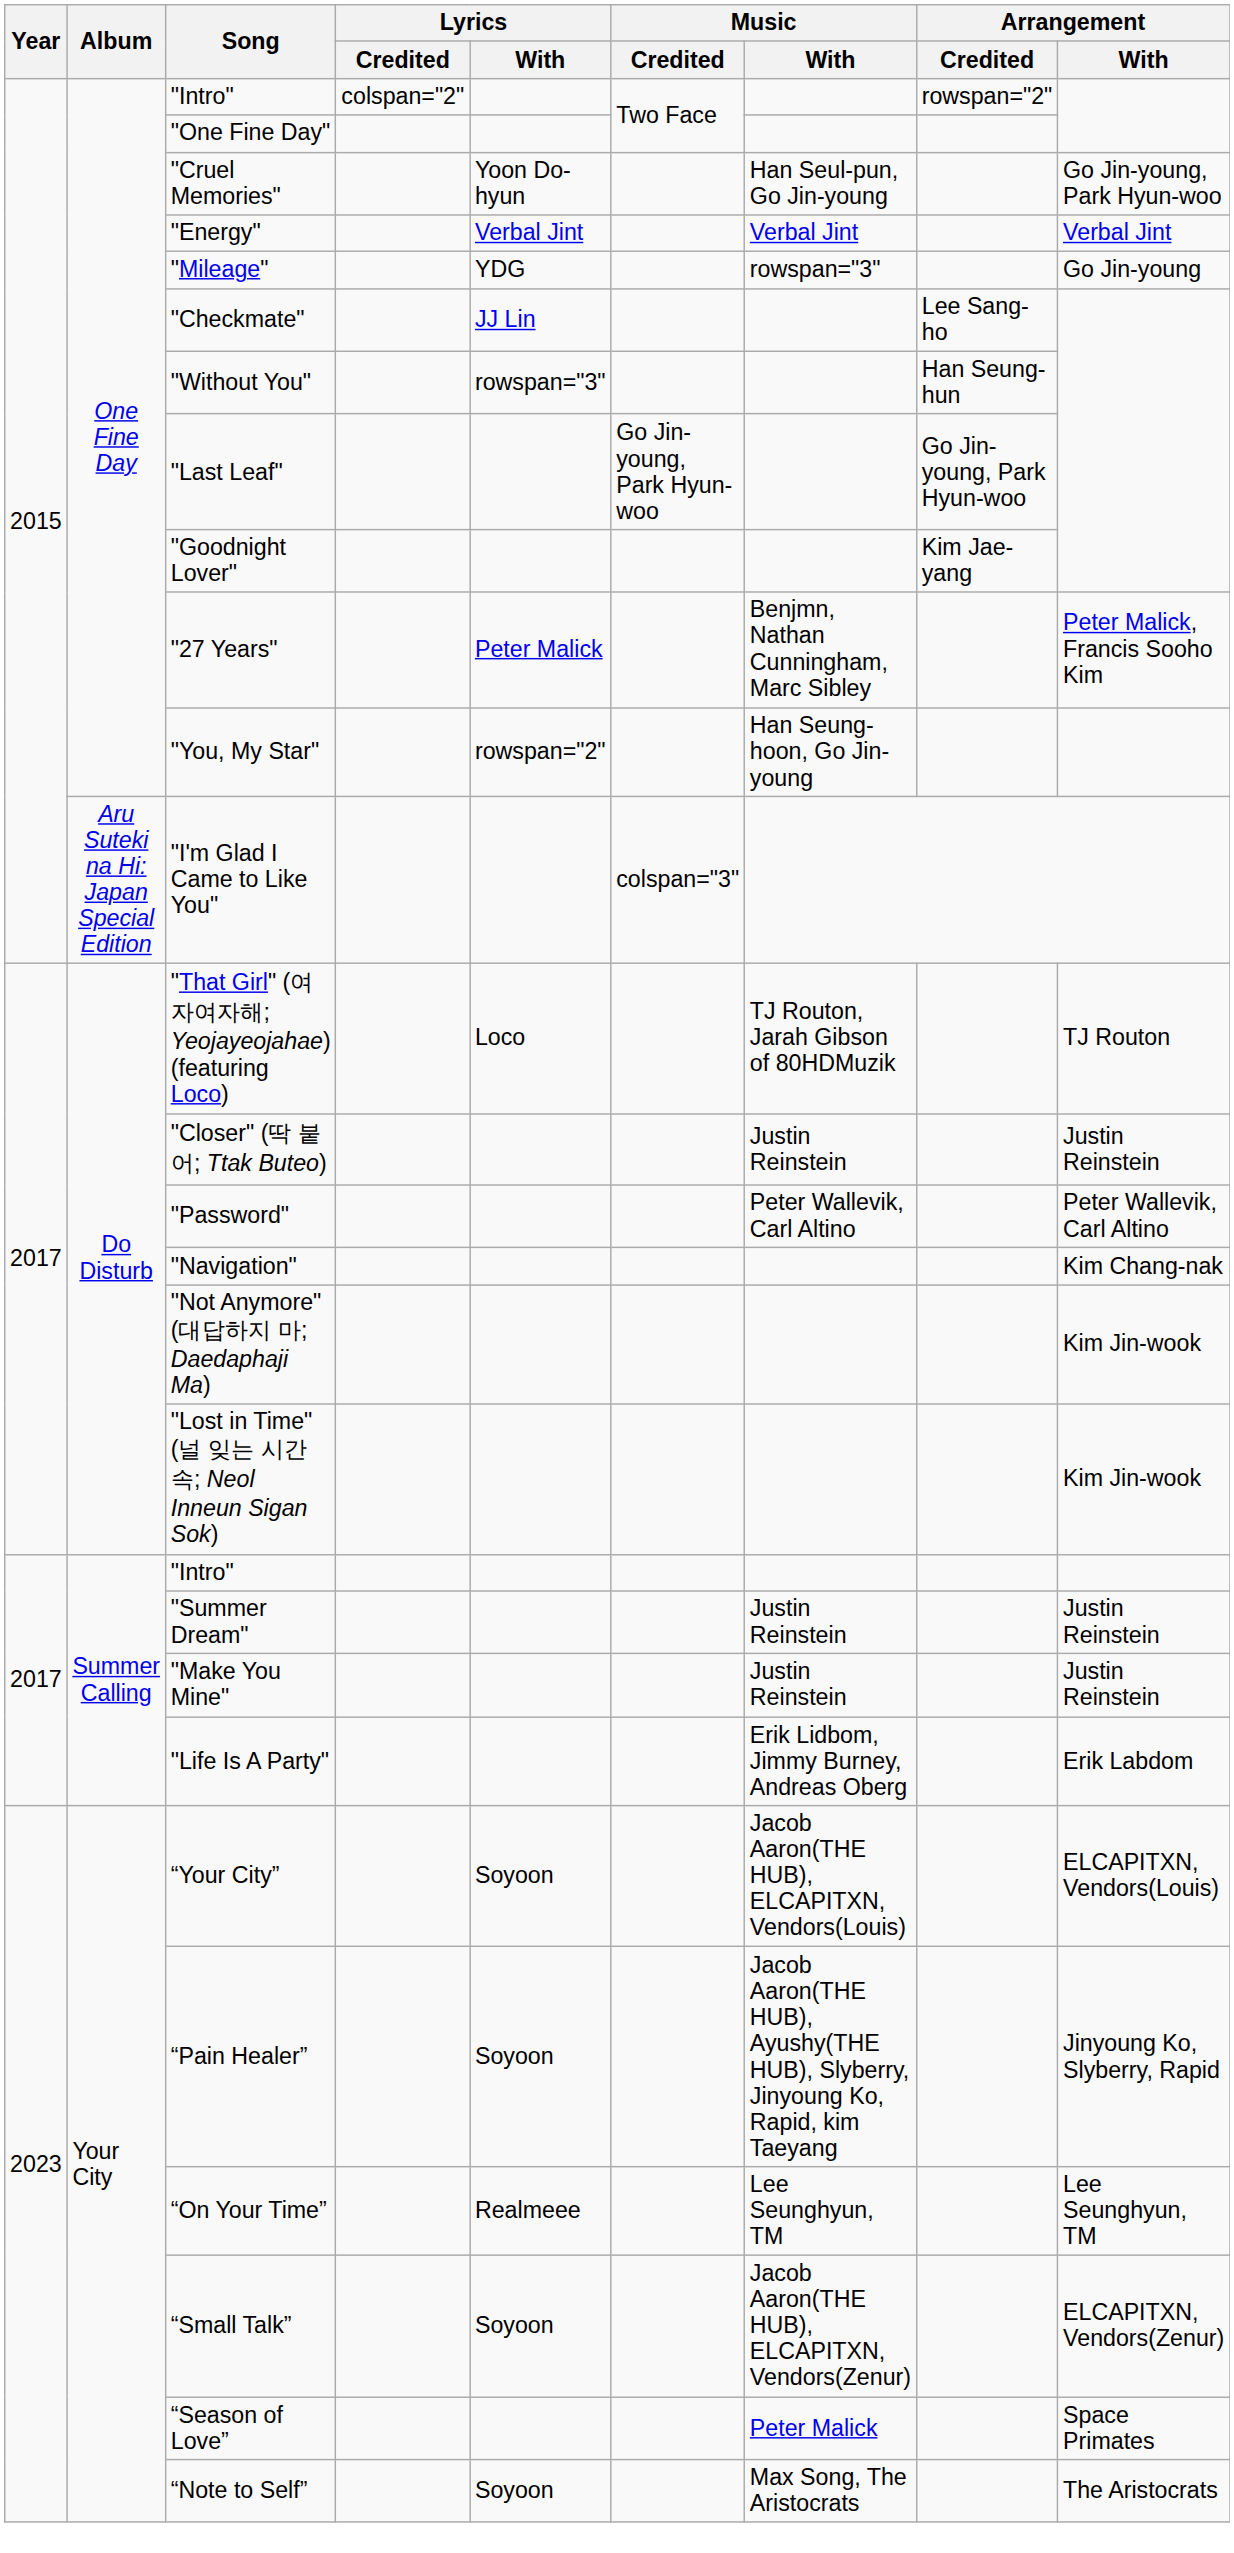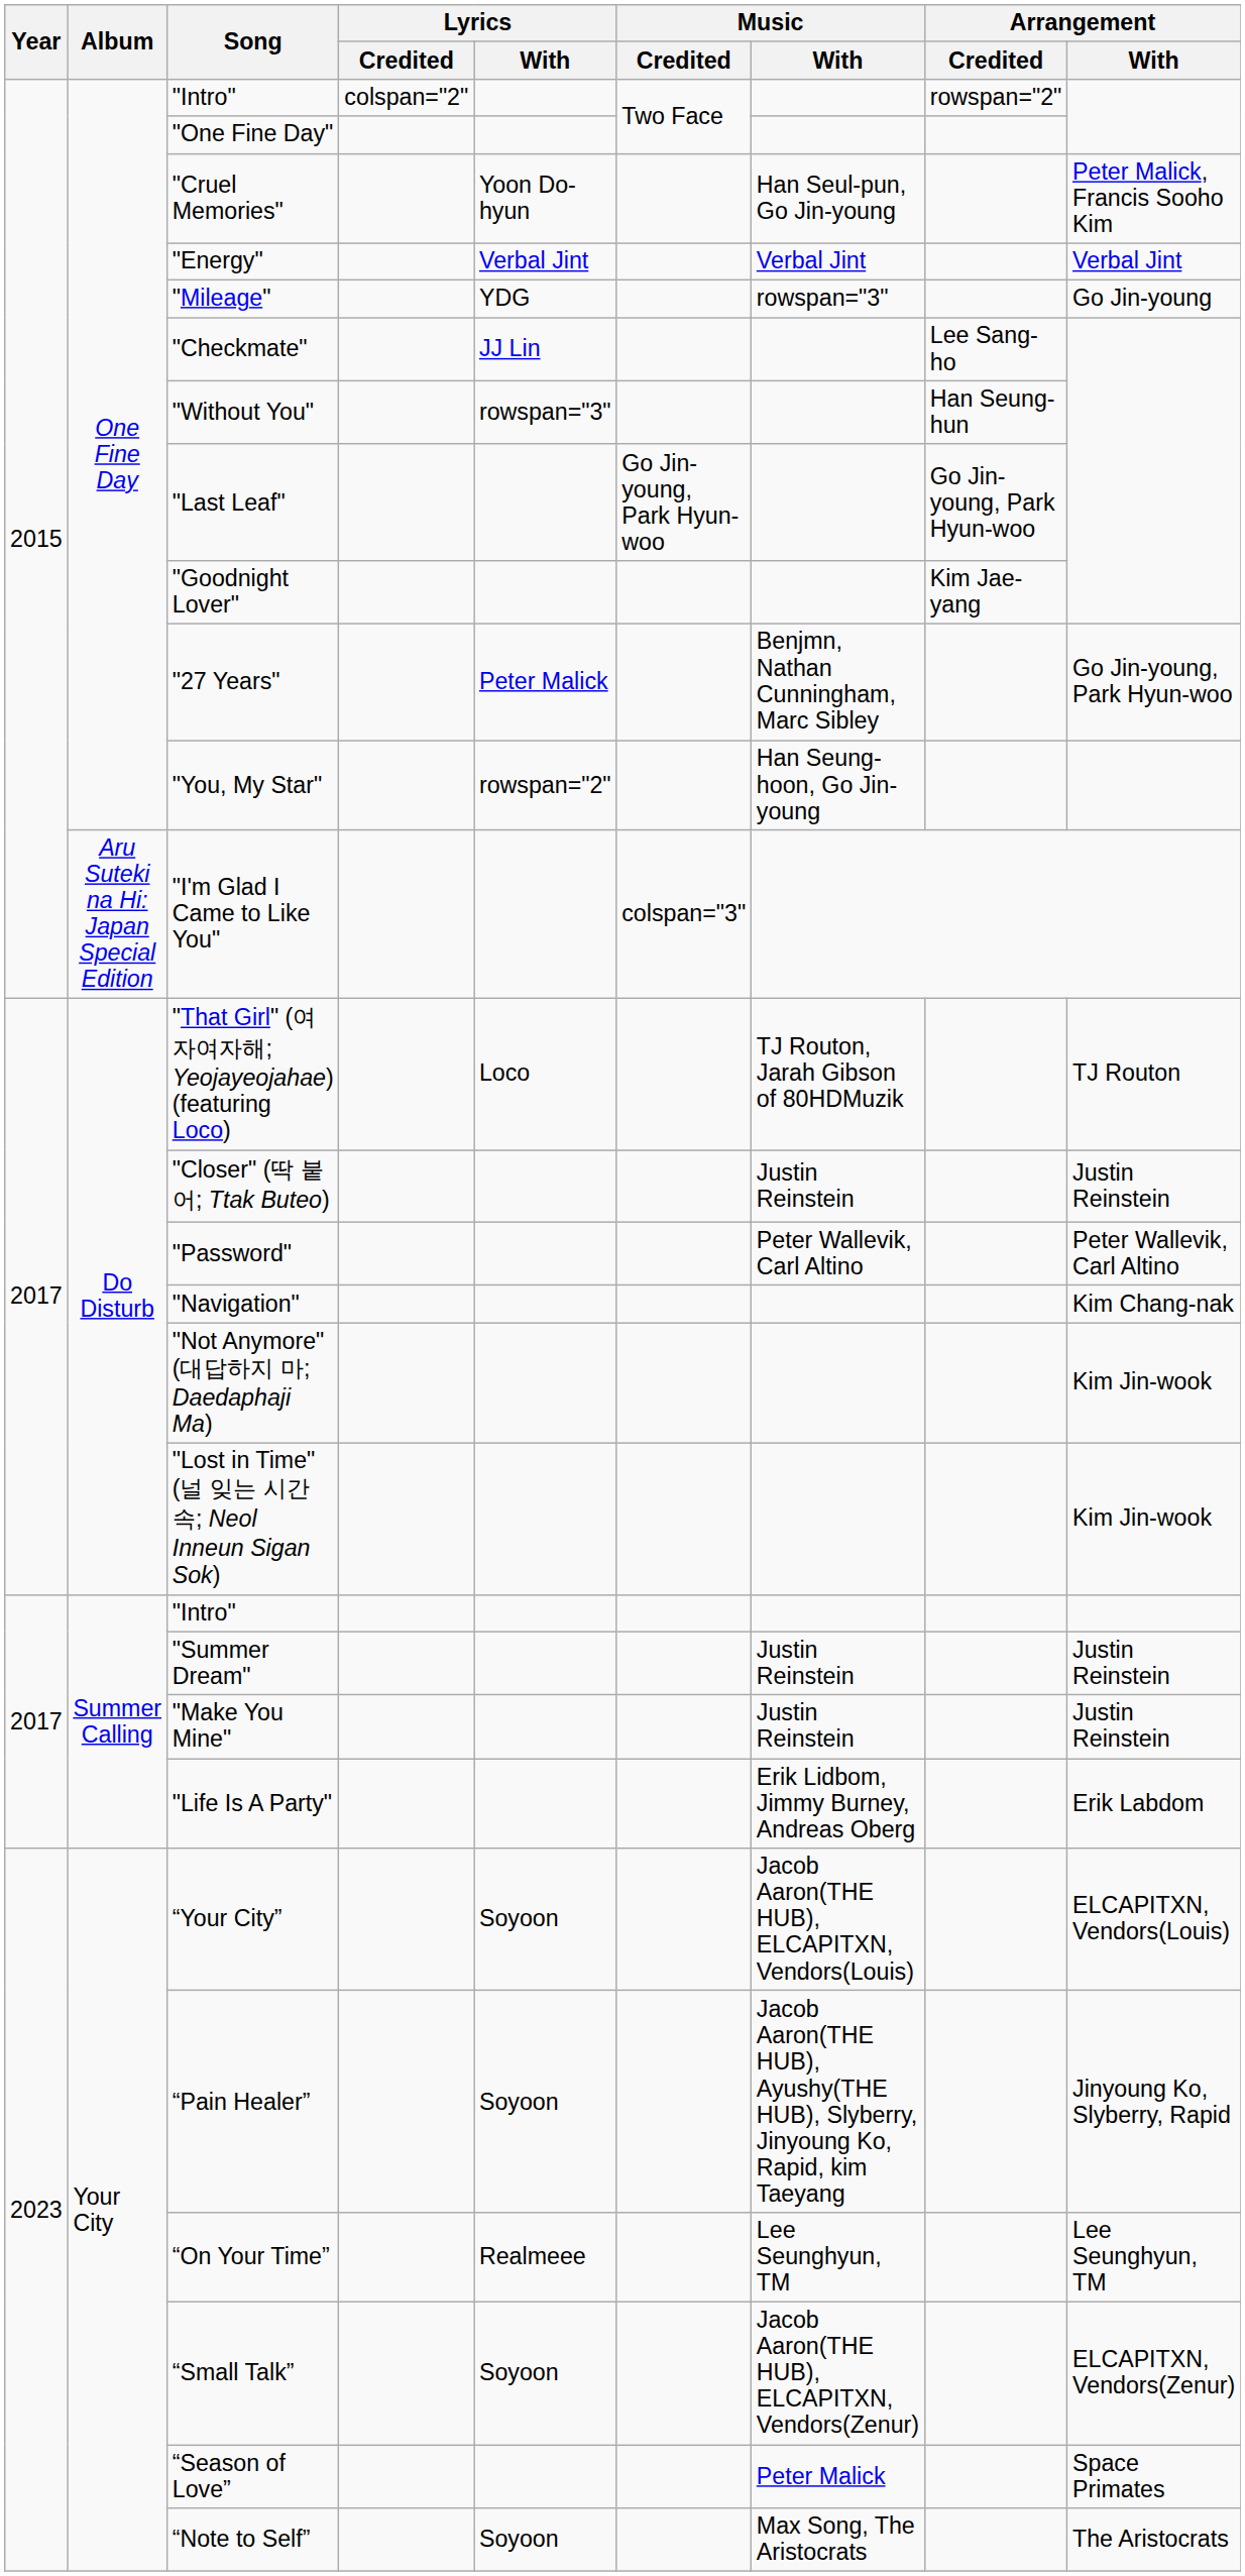 <table class="wikitable">
 <tr>
 <th rowspan="2">Year</th>
 <th rowspan="2">Album</th>
 <th rowspan="2">Song</th>
 <th colspan="2">Lyrics</th>
 <th colspan="2">Music</th>
 <th colspan="2">Arrangement</th>
 </tr>
 <tr>
 <th>Credited</th>
 <th>With</th>
 <th>Credited</th>
 <th>With</th>
 <th>Credited</th>
 <th>With</th>
 </tr>
 <tr>
 <td rowspan="12">2015</td>
 <td rowspan="11" style="text-align:center;"><a href='#'><em>One Fine Day</em></a></td>
 <td>"Intro"</td>
 <td>colspan="2" </td>
 <td></td>
 <td rowspan="2">Two Face</td>
 <td></td>
 <td>rowspan="2" </td>
 </tr>
 <tr>
 <td>"One Fine Day"</td>
 <td></td>
 <td></td>
 <td></td>
 <td></td>
 </tr>
 <tr>
 <td>"Cruel Memories"</td>
 <td></td>
 <td>Yoon Do-hyun</td>
 <td></td>
 <td>Han Seul-pun, Go Jin-young</td>
 <td></td>
-<td>Go Jin-young, Park Hyun-woo</td>
+<td><a href='#'>Peter Malick</a>, Francis Sooho Kim</td>
 </tr>
 <tr>
 <td>"Energy"</td>
 <td></td>
 <td><a href='#'>Verbal Jint</a></td>
 <td></td>
 <td><a href='#'>Verbal Jint</a></td>
 <td></td>
 <td><a href='#'>Verbal Jint</a></td>
 </tr>
 <tr>
 <td>"<a href='#'>Mileage</a>"</td>
 <td></td>
 <td>YDG</td>
 <td></td>
 <td>rowspan="3" </td>
 <td></td>
 <td>Go Jin-young</td>
 </tr>
 <tr>
 <td>"Checkmate"</td>
 <td></td>
 <td><a href='#'>JJ Lin</a></td>
 <td></td>
 <td></td>
 <td>Lee Sang-ho</td>
 </tr>
 <tr>
 <td>"Without You"</td>
 <td></td>
 <td>rowspan="3" </td>
 <td></td>
 <td></td>
 <td>Han Seung-hun</td>
 </tr>
 <tr>
 <td>"Last Leaf"</td>
 <td></td>
 <td></td>
 <td>Go Jin-young, Park Hyun-woo</td>
 <td></td>
 <td>Go Jin-young, Park Hyun-woo</td>
 </tr>
 <tr>
 <td>"Goodnight Lover"</td>
 <td></td>
 <td></td>
 <td></td>
 <td></td>
 <td>Kim Jae-yang</td>
 </tr>
 <tr>
 <td>"27 Years"</td>
 <td></td>
 <td><a href='#'>Peter Malick</a></td>
 <td></td>
 <td>Benjmn, Nathan Cunningham, Marc Sibley</td>
 <td></td>
-<td><a href='#'>Peter Malick</a>, Francis Sooho Kim</td>
+<td>Go Jin-young, Park Hyun-woo</td>
 </tr>
 <tr>
 <td>"You, My Star"</td>
 <td></td>
 <td>rowspan="2" </td>
 <td></td>
 <td>Han Seung-hoon, Go Jin-young</td>
 <td></td>
 <td></td>
 </tr>
 <tr>
 <td style="text-align:center;"><a href='#'><em>Aru Suteki na Hi: Japan Special Edition</em></a></td>
 <td>"I'm Glad I Came to Like You"</td>
 <td></td>
 <td></td>
 <td>colspan="3" </td>
 </tr>
 <tr>
 <td rowspan="6">2017</td>
 <td rowspan="6" style="text-align:center;"><a href='#'>Do Disturb</a></td>
 <td>"<a href='#'>That Girl</a>" (여자여자해; <em>Yeojayeojahae</em>) (featuring <a href='#'>Loco</a>)</td>
 <td></td>
 <td>Loco</td>
 <td></td>
 <td>TJ Routon, Jarah Gibson of 80HDMuzik</td>
 <td></td>
 <td>TJ Routon</td>
 </tr>
 <tr>
 <td>"Closer" (딱 붙어; <em>Ttak Buteo</em>)</td>
 <td></td>
 <td></td>
 <td></td>
 <td>Justin Reinstein</td>
 <td></td>
 <td>Justin Reinstein</td>
 </tr>
 <tr>
 <td>"Password"</td>
 <td></td>
 <td></td>
 <td></td>
 <td>Peter Wallevik, Carl Altino</td>
 <td></td>
 <td>Peter Wallevik, Carl Altino</td>
 </tr>
 <tr>
 <td>"Navigation"</td>
 <td></td>
 <td></td>
 <td></td>
 <td></td>
 <td></td>
 <td>Kim Chang-nak</td>
 </tr>
 <tr>
 <td>"Not Anymore" (대답하지 마; <em>Daedaphaji Ma</em>)</td>
 <td></td>
 <td></td>
 <td></td>
 <td></td>
 <td></td>
 <td>Kim Jin-wook</td>
 </tr>
 <tr>
 <td>"Lost in Time" (널 잊는 시간 속; <em>Neol Inneun Sigan Sok</em>)</td>
 <td></td>
 <td></td>
 <td></td>
 <td></td>
 <td></td>
 <td>Kim Jin-wook</td>
 </tr>
 <tr>
 <td rowspan="4">2017</td>
 <td rowspan="4" style="text-align:center;"><a href='#'>Summer Calling</a></td>
 <td>"Intro"</td>
 <td></td>
 <td></td>
 <td></td>
 <td></td>
 <td></td>
 </tr>
 <tr>
 <td>"Summer Dream"</td>
 <td></td>
 <td></td>
 <td></td>
 <td>Justin Reinstein</td>
 <td></td>
 <td>Justin Reinstein</td>
 </tr>
 <tr>
 <td>"Make You Mine"</td>
 <td></td>
 <td></td>
 <td></td>
 <td>Justin Reinstein</td>
 <td></td>
 <td>Justin Reinstein</td>
 </tr>
 <tr>
 <td>"Life Is A Party"</td>
 <td></td>
 <td></td>
 <td></td>
 <td>Erik Lidbom, Jimmy Burney, Andreas Oberg</td>
 <td></td>
 <td>Erik Labdom</td>
 </tr>
 <tr>
 <td rowspan="6">2023</td>
 <td rowspan="6">Your City</td>
 <td>“Your City”</td>
 <td></td>
 <td>Soyoon</td>
 <td></td>
 <td>Jacob Aaron(THE HUB), ELCAPITXN, Vendors(Louis)</td>
 <td></td>
 <td>ELCAPITXN, Vendors(Louis)</td>
 </tr>
 <tr>
 <td>“Pain Healer”</td>
 <td></td>
 <td>Soyoon</td>
 <td></td>
 <td>Jacob Aaron(THE HUB), Ayushy(THE HUB), Slyberry, Jinyoung Ko, Rapid, kim Taeyang</td>
 <td></td>
 <td>Jinyoung Ko, Slyberry, Rapid</td>
 </tr>
 <tr>
 <td>“On Your Time”</td>
 <td></td>
 <td>Realmeee</td>
 <td></td>
 <td>Lee Seunghyun, TM</td>
 <td></td>
 <td>Lee Seunghyun, TM</td>
 </tr>
 <tr>
 <td>“Small Talk”</td>
 <td></td>
 <td>Soyoon</td>
 <td></td>
 <td>Jacob Aaron(THE HUB), ELCAPITXN, Vendors(Zenur)</td>
 <td></td>
 <td>ELCAPITXN, Vendors(Zenur)</td>
 </tr>
 <tr>
 <td>“Season of Love”</td>
 <td></td>
 <td></td>
 <td></td>
 <td><a href='#'>Peter Malick</a></td>
 <td></td>
 <td>Space Primates</td>
 </tr>
 <tr>
 <td>“Note to Self”</td>
 <td></td>
 <td>Soyoon</td>
 <td></td>
 <td>Max Song, The Aristocrats</td>
 <td></td>
 <td>The Aristocrats</td>
 </tr>
 </table>
